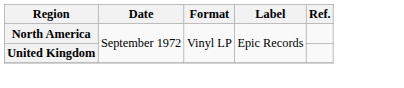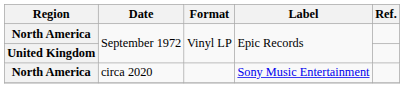 <table class="wikitable plainrowheaders">
 <tr>
 <th scope="col">Region</th>
 <th scope="col">Date</th>
 <th scope="col">Format</th>
 <th scope="col">Label</th>
 <th scope="col">Ref.</th>
 </tr>
 <tr>
 <th scope="row">North America</th>
 <td rowspan="2">September 1972</td>
 <td rowspan="2">Vinyl LP</td>
 <td rowspan="2">Epic Records</td>
 <td></td>
 </tr>
 <tr>
 <th scope="row">United Kingdom</th>
 <td></td>
 </tr>
 <tr>
+<th scope="row">North America</th>
+<td>circa 2020</td>
+<td></td>
+<td><a href='#'>Sony Music Entertainment</a></td>
+<td></td>
+</tr>
+<tr>
 </tr>
 </table>
